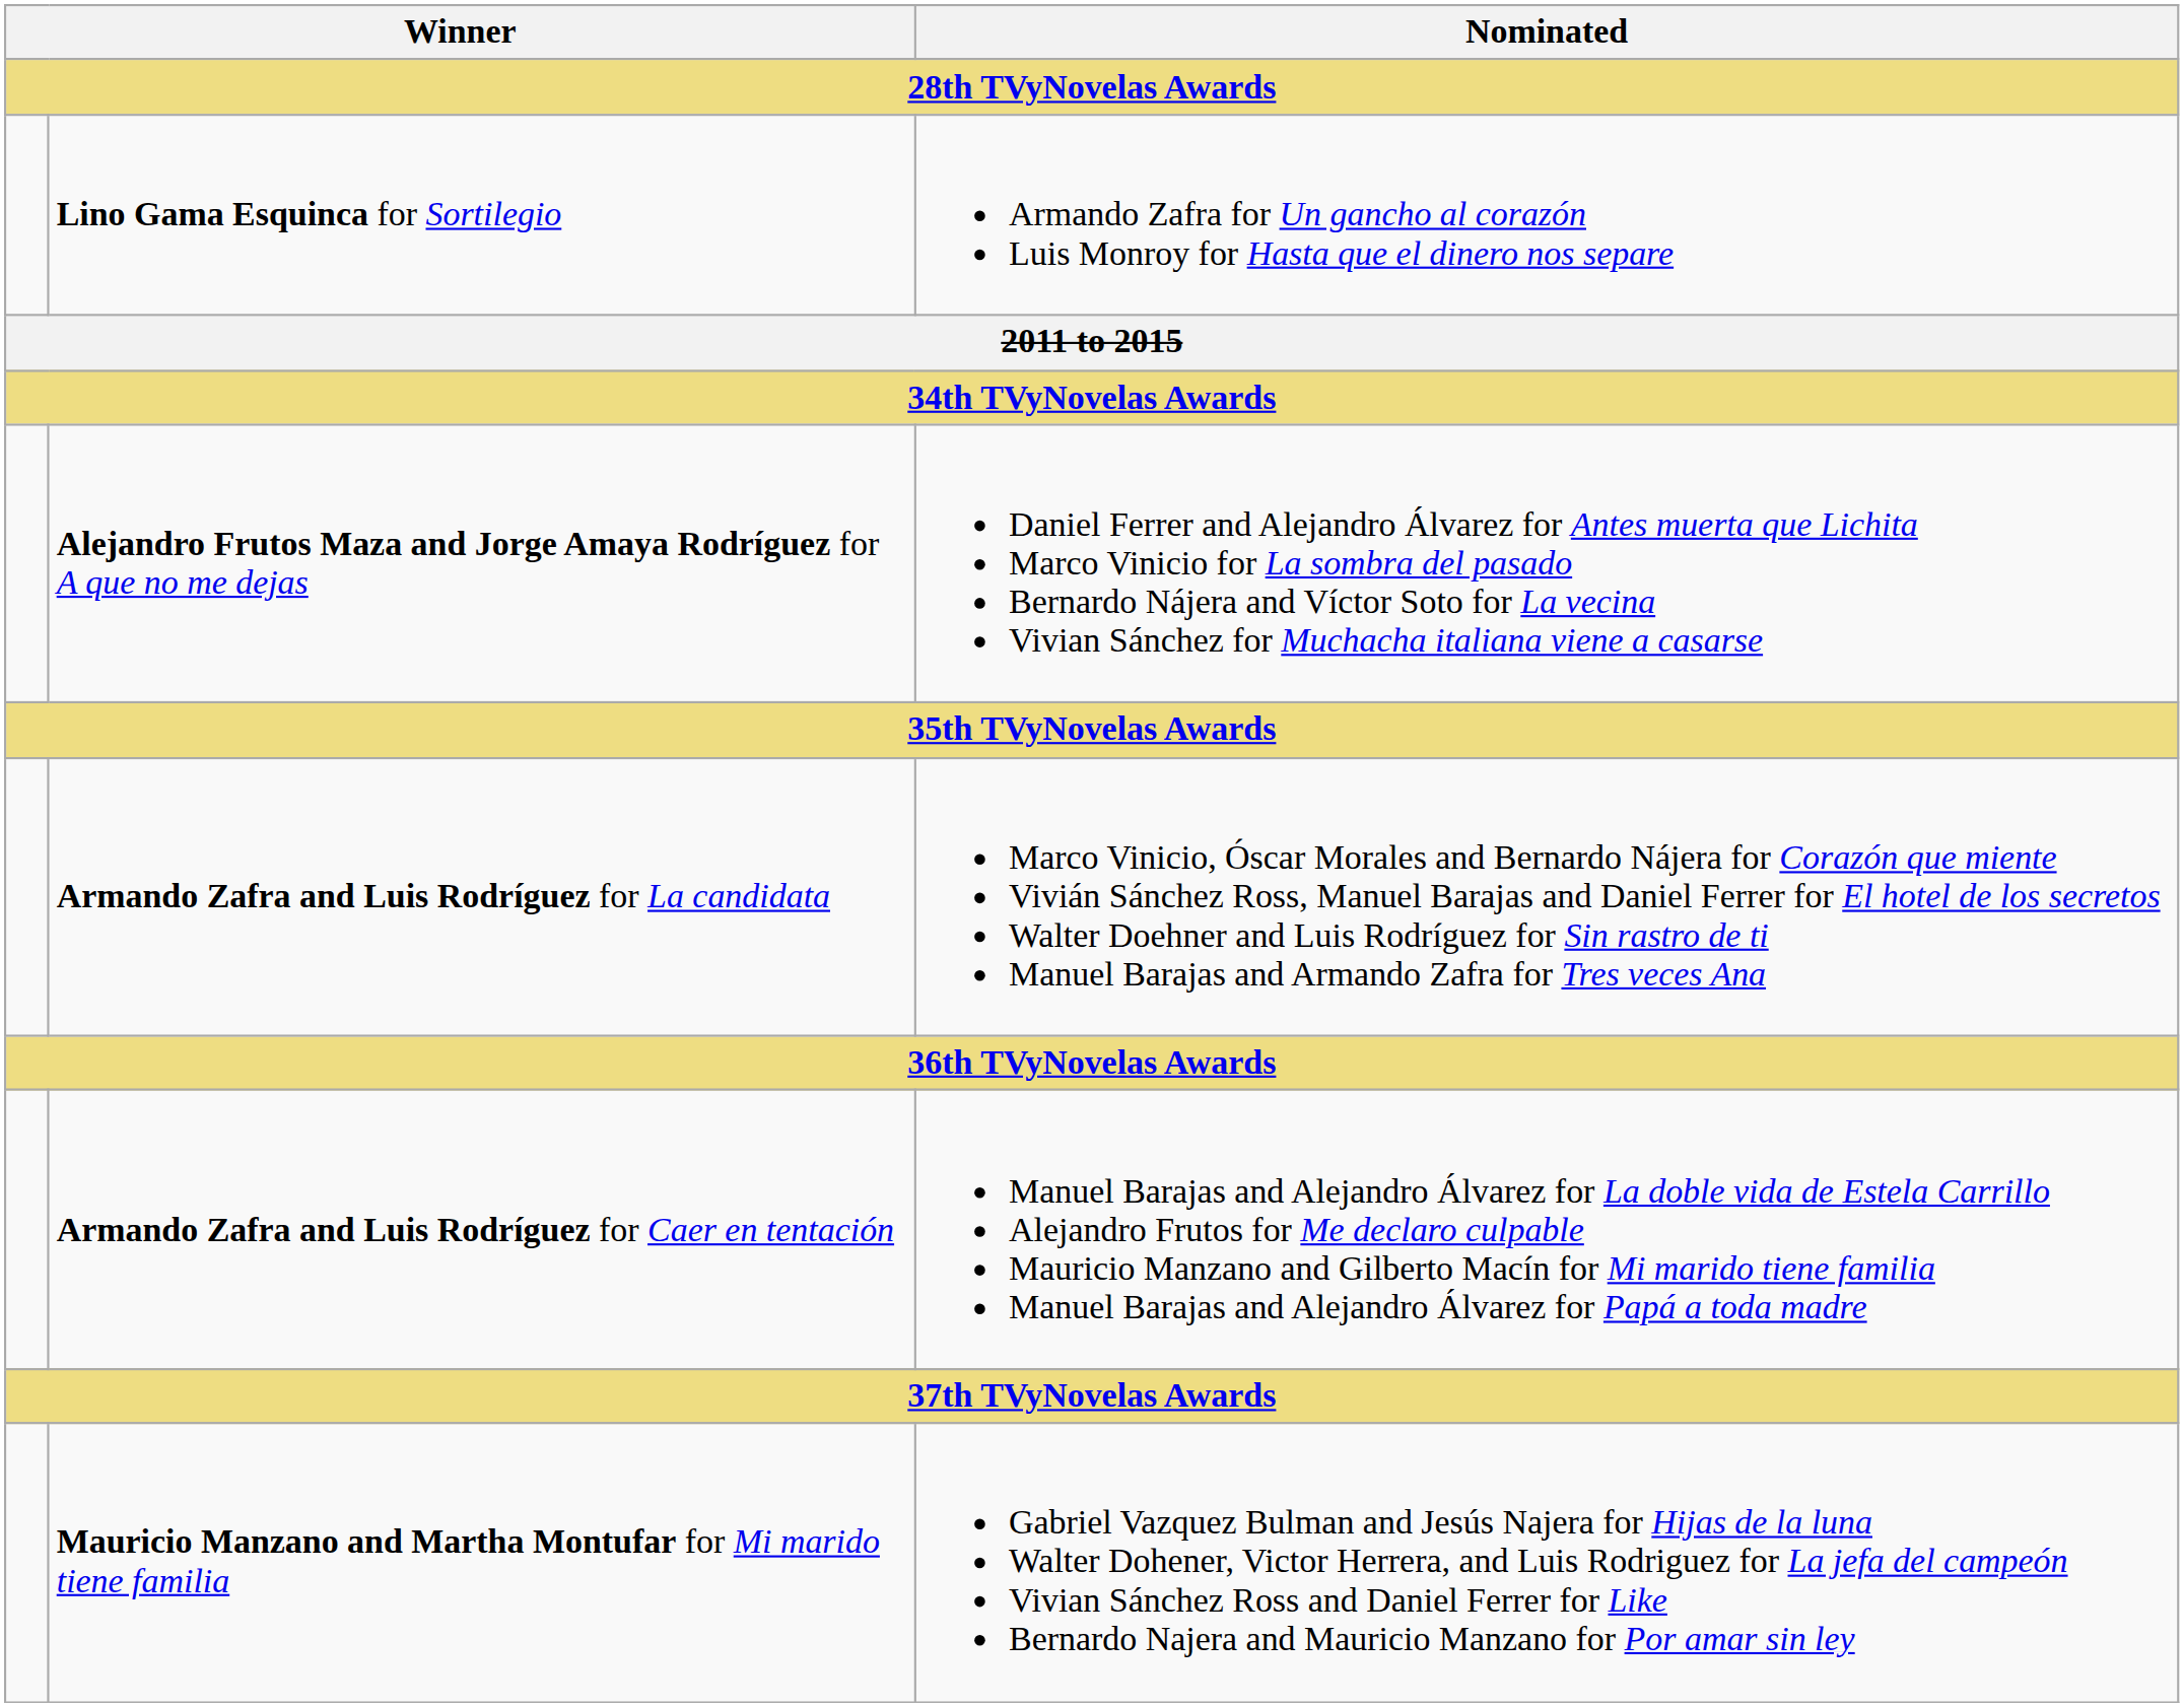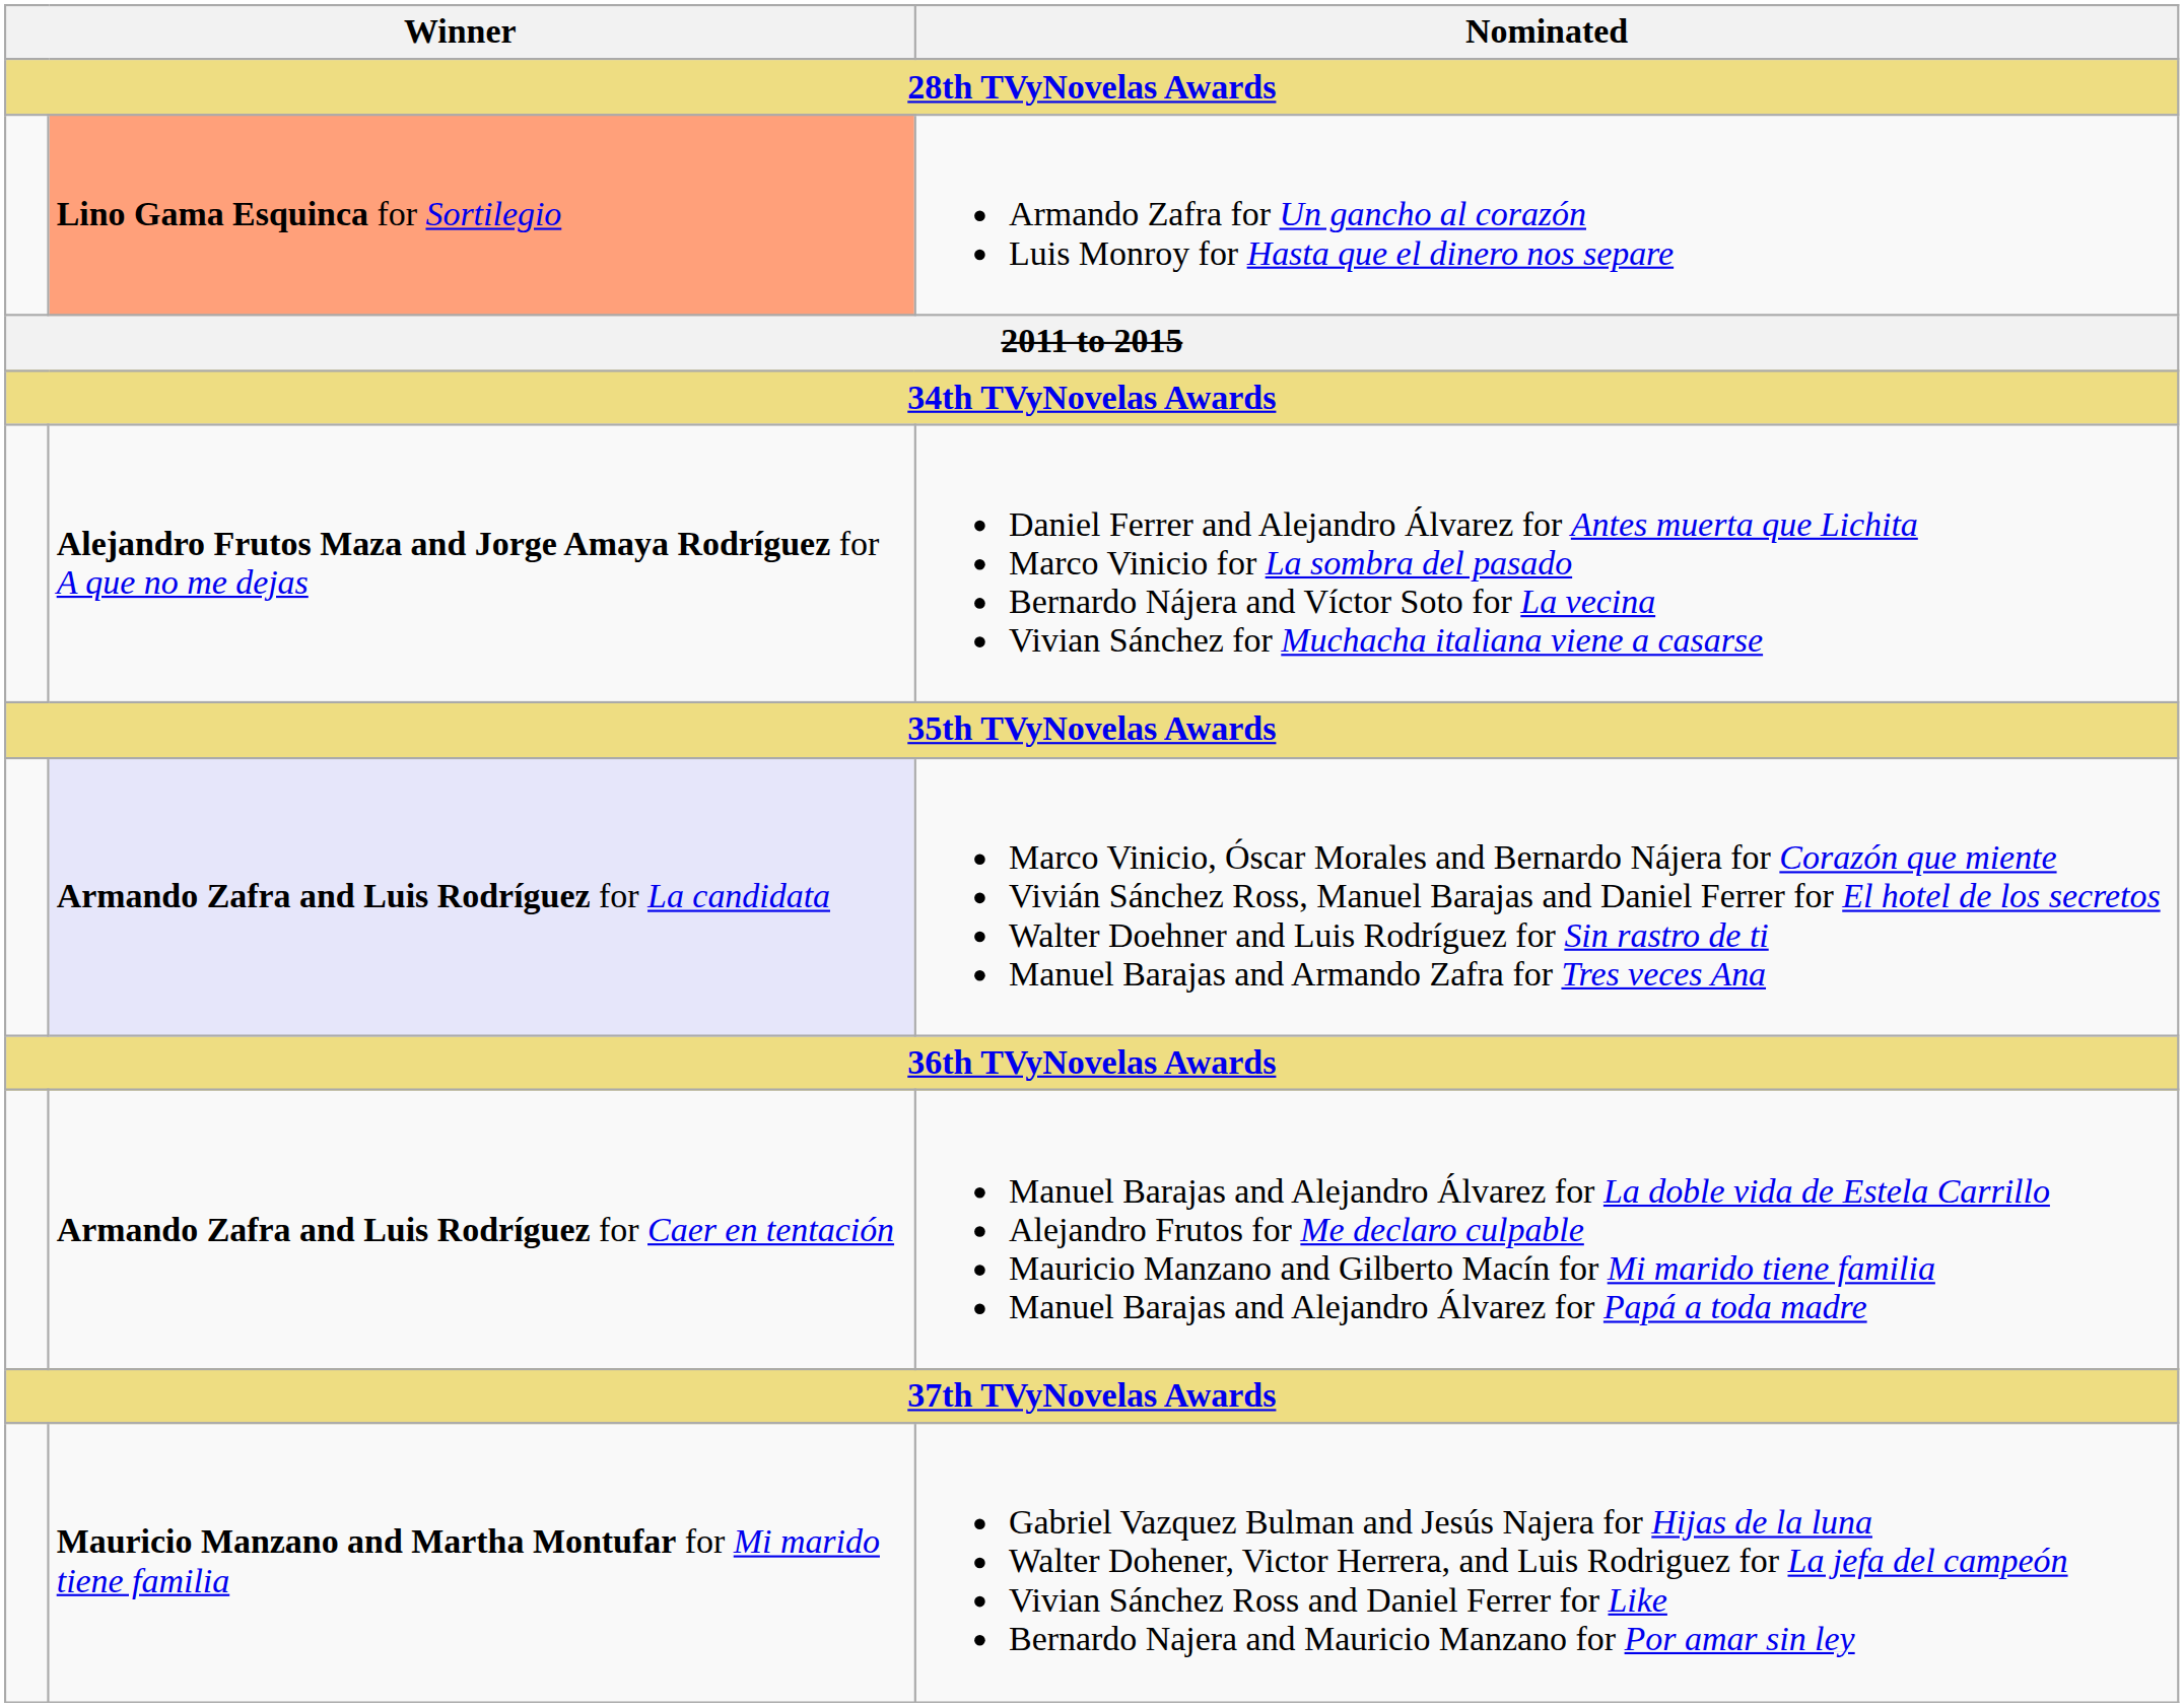 <table class="wikitable" width=80%>
 <tr align=center>
 <th width="150px;" colspan=2; align="center">Winner</th>
 <th width="580px;" align="center">Nominated</th>
 </tr>
 <tr>
 <th colspan=9 style="background:#EEDD82;"  align="center"><strong><a href='#'>28th TVyNovelas Awards</a></strong></th>
 </tr>
 <tr>
 <td width=2%></td>
-<td><strong>Lino Gama Esquinca</strong> for <em><a href='#'>Sortilegio</a></em></td>
+<td style="background: lightsalmon;"><strong>Lino Gama Esquinca</strong> for <em><a href='#'>Sortilegio</a></em></td>
 <td><br><ul><li>Armando Zafra for <em><a href='#'>Un gancho al corazón</a></em></li><li>Luis Monroy for <em><a href='#'>Hasta que el dinero nos separe</a></em></li></ul></td>
 </tr>
 <tr>
 <th colspan=9 align="center"><s>2011 to 2015</s></th>
 </tr>
 <tr>
 <th colspan=9 style="background:#EEDD82;"  align="center"><strong><a href='#'>34th TVyNovelas Awards</a></strong></th>
 </tr>
 <tr>
 <td width=2%></td>
 <td><strong>Alejandro Frutos Maza and Jorge Amaya Rodríguez</strong> for <em><a href='#'>A que no me dejas</a></em></td>
 <td><br><ul><li>Daniel Ferrer and Alejandro Álvarez for <em><a href='#'>Antes muerta que Lichita</a></em></li><li>Marco Vinicio for <em><a href='#'>La sombra del pasado</a></em></li><li>Bernardo Nájera and Víctor Soto for <em><a href='#'>La vecina</a></em></li><li>Vivian Sánchez for <em><a href='#'>Muchacha italiana viene a casarse</a></em></li></ul></td>
 </tr>
 <tr>
 <th colspan=9 style="background:#EEDD82;"  align="center"><strong><a href='#'>35th TVyNovelas Awards</a></strong></th>
 </tr>
 <tr>
 <td width=2%></td>
-<td><strong>Armando Zafra and Luis Rodríguez</strong> for <em><a href='#'>La candidata</a></em></td>
+<td style="background: lavender;"><strong>Armando Zafra and Luis Rodríguez</strong> for <em><a href='#'>La candidata</a></em></td>
 <td><br><ul><li>Marco Vinicio, Óscar Morales and Bernardo Nájera for <em><a href='#'>Corazón que miente</a></em></li><li>Vivián Sánchez Ross, Manuel Barajas and Daniel Ferrer for <em><a href='#'>El hotel de los secretos</a></em></li><li>Walter Doehner and Luis Rodríguez for <em><a href='#'>Sin rastro de ti</a></em></li><li>Manuel Barajas and Armando Zafra for <em><a href='#'>Tres veces Ana</a></em></li></ul></td>
 </tr>
 <tr>
 <th colspan=9 style="background:#EEDD82;"  align="center"><strong><a href='#'>36th TVyNovelas Awards</a></strong></th>
 </tr>
 <tr>
 <td width=2%></td>
 <td><strong>Armando Zafra and Luis Rodríguez</strong> for <em><a href='#'>Caer en tentación</a></em></td>
 <td><br><ul><li>Manuel Barajas and Alejandro Álvarez for <em><a href='#'>La doble vida de Estela Carrillo</a></em></li><li>Alejandro Frutos for <em><a href='#'>Me declaro culpable</a></em></li><li>Mauricio Manzano and Gilberto Macín  for <em><a href='#'>Mi marido tiene familia</a></em></li><li>Manuel Barajas and Alejandro Álvarez for <em><a href='#'>Papá a toda madre</a></em></li></ul></td>
 </tr>
 <tr>
 <th colspan=9 style="background:#EEDD82;"  align="center"><strong><a href='#'>37th TVyNovelas Awards</a></strong></th>
 </tr>
 <tr>
 <td width=2%></td>
 <td><strong>Mauricio Manzano and Martha Montufar</strong> for <em><a href='#'>Mi marido tiene familia</a></em></td>
 <td><br><ul><li>Gabriel Vazquez Bulman and Jesús Najera for <em><a href='#'>Hijas de la luna</a></em></li><li>Walter Dohener, Victor Herrera, and Luis Rodriguez for <em><a href='#'>La jefa del campeón</a></em></li><li>Vivian Sánchez Ross and Daniel Ferrer for <em><a href='#'>Like</a></em></li><li>Bernardo Najera and Mauricio Manzano for <em><a href='#'>Por amar sin ley</a></em></li></ul></td>
 </tr>
 <tr>
 </tr>
 </table>
